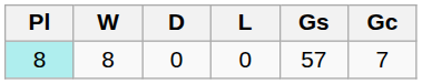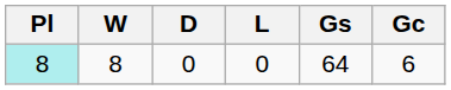 <table class="wikitable" style="text-align:center">
 <tr>
 <th width=40px>Pl</th>
 <th width=40px>W</th>
 <th width=40px>D</th>
 <th width=40px>L</th>
 <th width=40px>Gs</th>
 <th width=40px>Gc</th>
 </tr>
 <tr>
 <td style="background: paleturquoise;">8</td>
 <td>8</td>
 <td>0</td>
 <td>0</td>
-<td>57</td>
-<td>7</td>
+<td>64</td>
+<td>6</td>
 </tr>
 </table>
